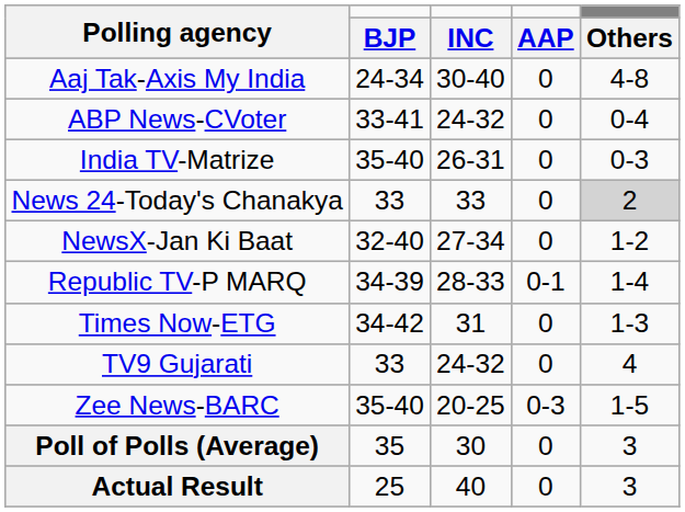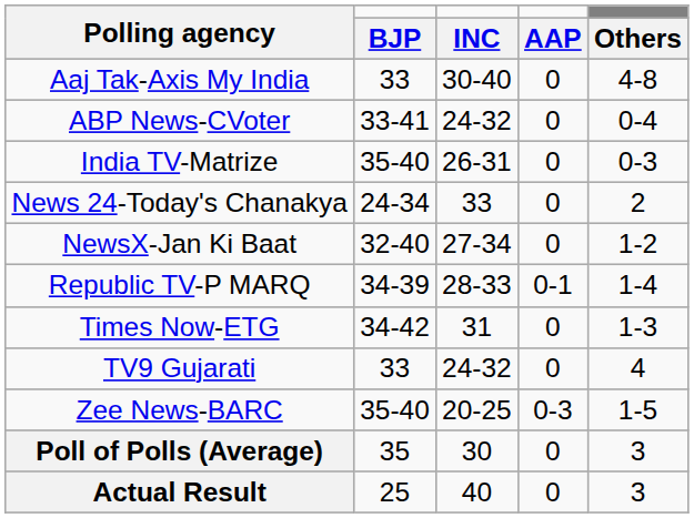 <table class="wikitable" style="text-align:center;font-size:95%;line-height:16px;">
 <tr>
 <th rowspan="2" class="wikitable">Polling agency</th>
 <td></td>
 <td></td>
 <td></td>
 <td style="background:gray;"></td>
 </tr>
 <tr>
 <th class="wikitable"><a href='#'>BJP</a></th>
 <th class="wikitable"><a href='#'>INC</a></th>
 <th class="wikitable"><a href='#'>AAP</a></th>
 <th class="wikitable">Others</th>
 </tr>
 <tr>
 <td><a href='#'>Aaj Tak</a>-<a href='#'>Axis My India</a></td>
-<td>24-34</td>
+<td>33</td>
 <td style="background:">30-40</td>
 <td>0</td>
 <td>4-8</td>
 </tr>
 <tr>
 <td><a href='#'>ABP News</a>-<a href='#'>CVoter</a></td>
 <td style="background:">33-41</td>
 <td>24-32</td>
 <td>0</td>
 <td>0-4</td>
 </tr>
 <tr>
 <td><a href='#'>India TV</a>-Matrize</td>
 <td style="background:">35-40</td>
 <td>26-31</td>
 <td>0</td>
 <td>0-3</td>
 </tr>
 <tr>
 <td><a href='#'>News 24</a>-Today's Chanakya</td>
-<td>33</td>
+<td>24-34</td>
 <td>33</td>
 <td>0</td>
-<td style="background: lightgrey;">2</td>
+<td>2</td>
 </tr>
 <tr>
 <td><a href='#'>NewsX</a>-Jan Ki Baat</td>
 <td style="background:">32-40</td>
 <td>27-34</td>
 <td>0</td>
 <td>1-2</td>
 </tr>
 <tr>
 <td><a href='#'>Republic TV</a>-P MARQ</td>
 <td style="background:">34-39</td>
 <td>28-33</td>
 <td>0-1</td>
 <td>1-4</td>
 </tr>
 <tr>
 <td><a href='#'>Times Now</a>-<a href='#'>ETG</a></td>
 <td style="background:">34-42</td>
 <td>31</td>
 <td>0</td>
 <td>1-3</td>
 </tr>
 <tr>
 <td><a href='#'>TV9 Gujarati</a></td>
 <td style="background:">33</td>
 <td>24-32</td>
 <td>0</td>
 <td>4</td>
 </tr>
 <tr>
 <td><a href='#'>Zee News</a>-<a href='#'>BARC</a></td>
 <td style="background:">35-40</td>
 <td>20-25</td>
 <td>0-3</td>
 <td>1-5</td>
 </tr>
 <tr>
 <th>Poll of Polls (Average)</th>
 <td style="background:">35</td>
 <td>30</td>
 <td>0</td>
 <td>3</td>
 </tr>
 <tr>
 <th>Actual Result</th>
 <td>25</td>
 <td style="background:">40</td>
 <td>0</td>
 <td>3</td>
 </tr>
 </table>
